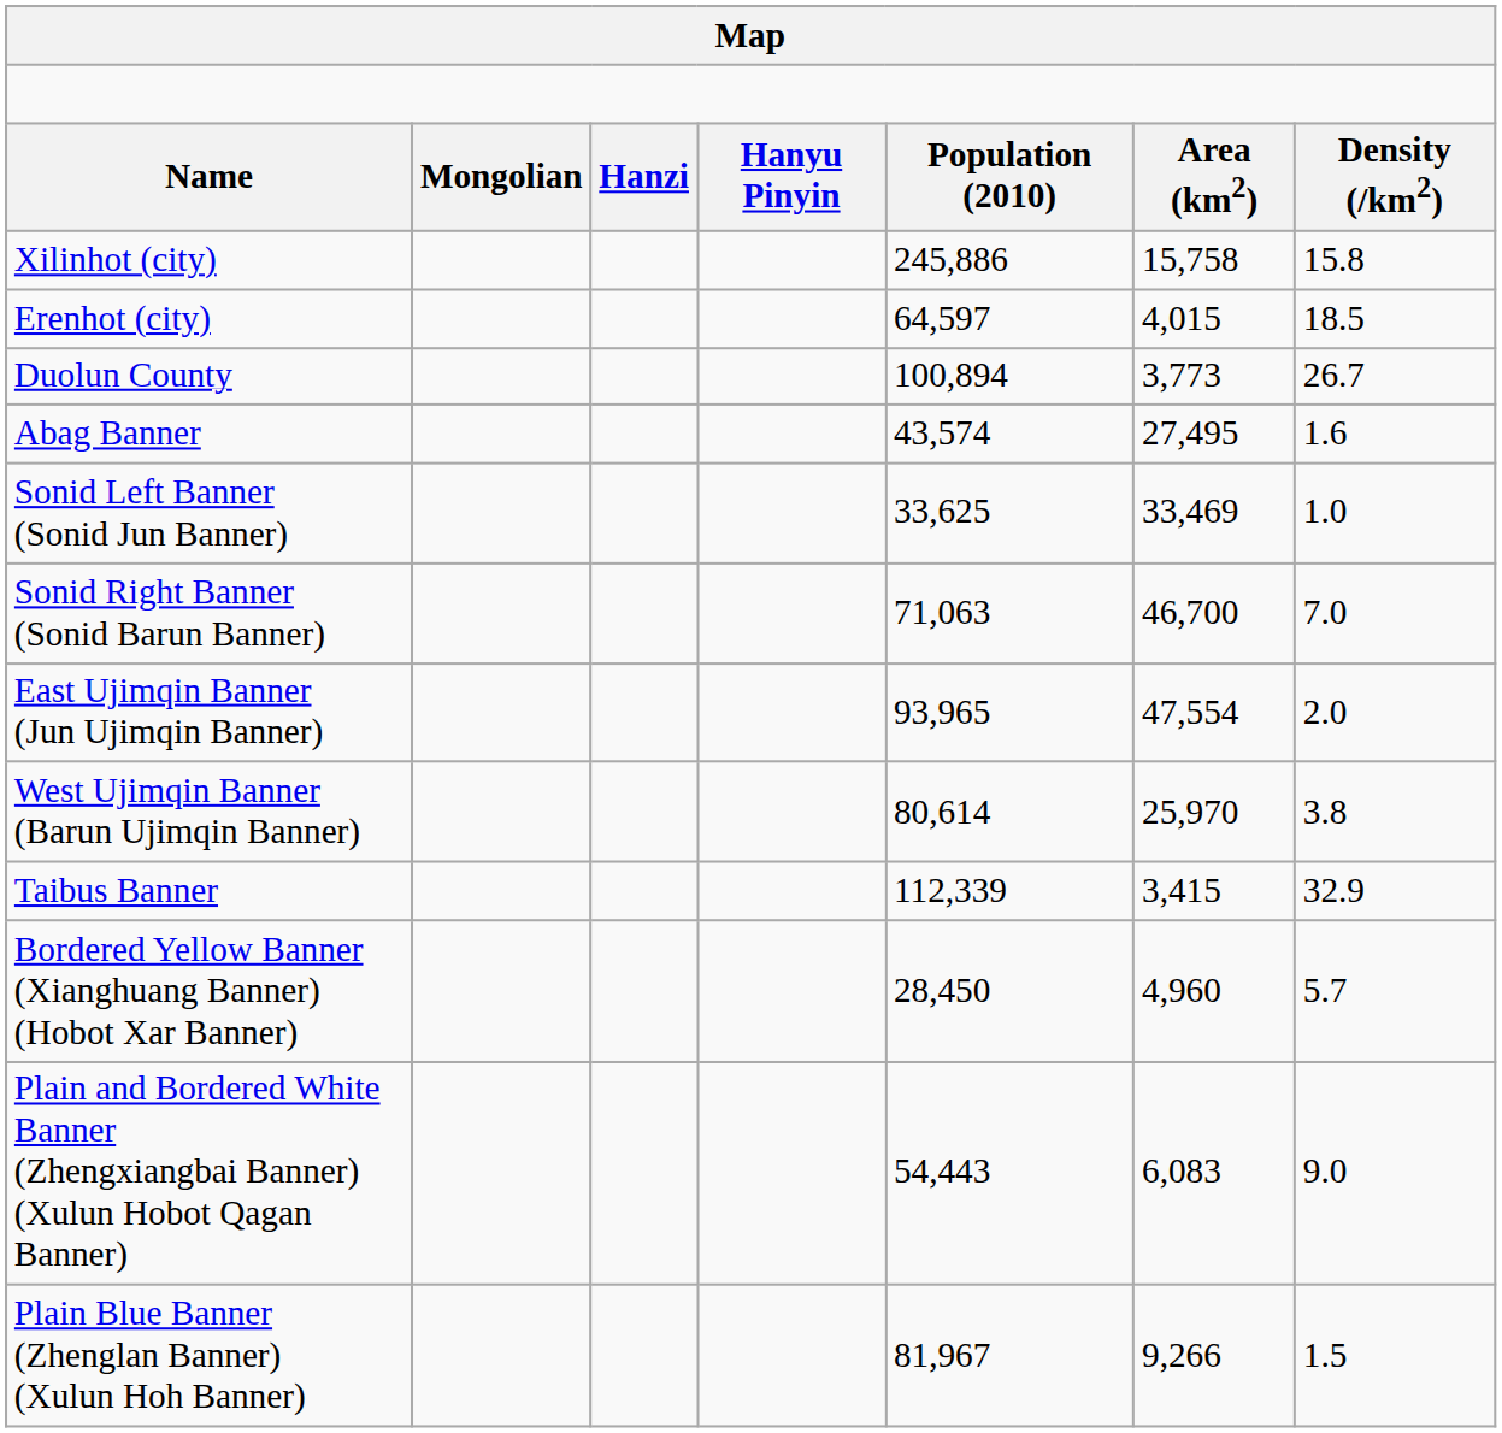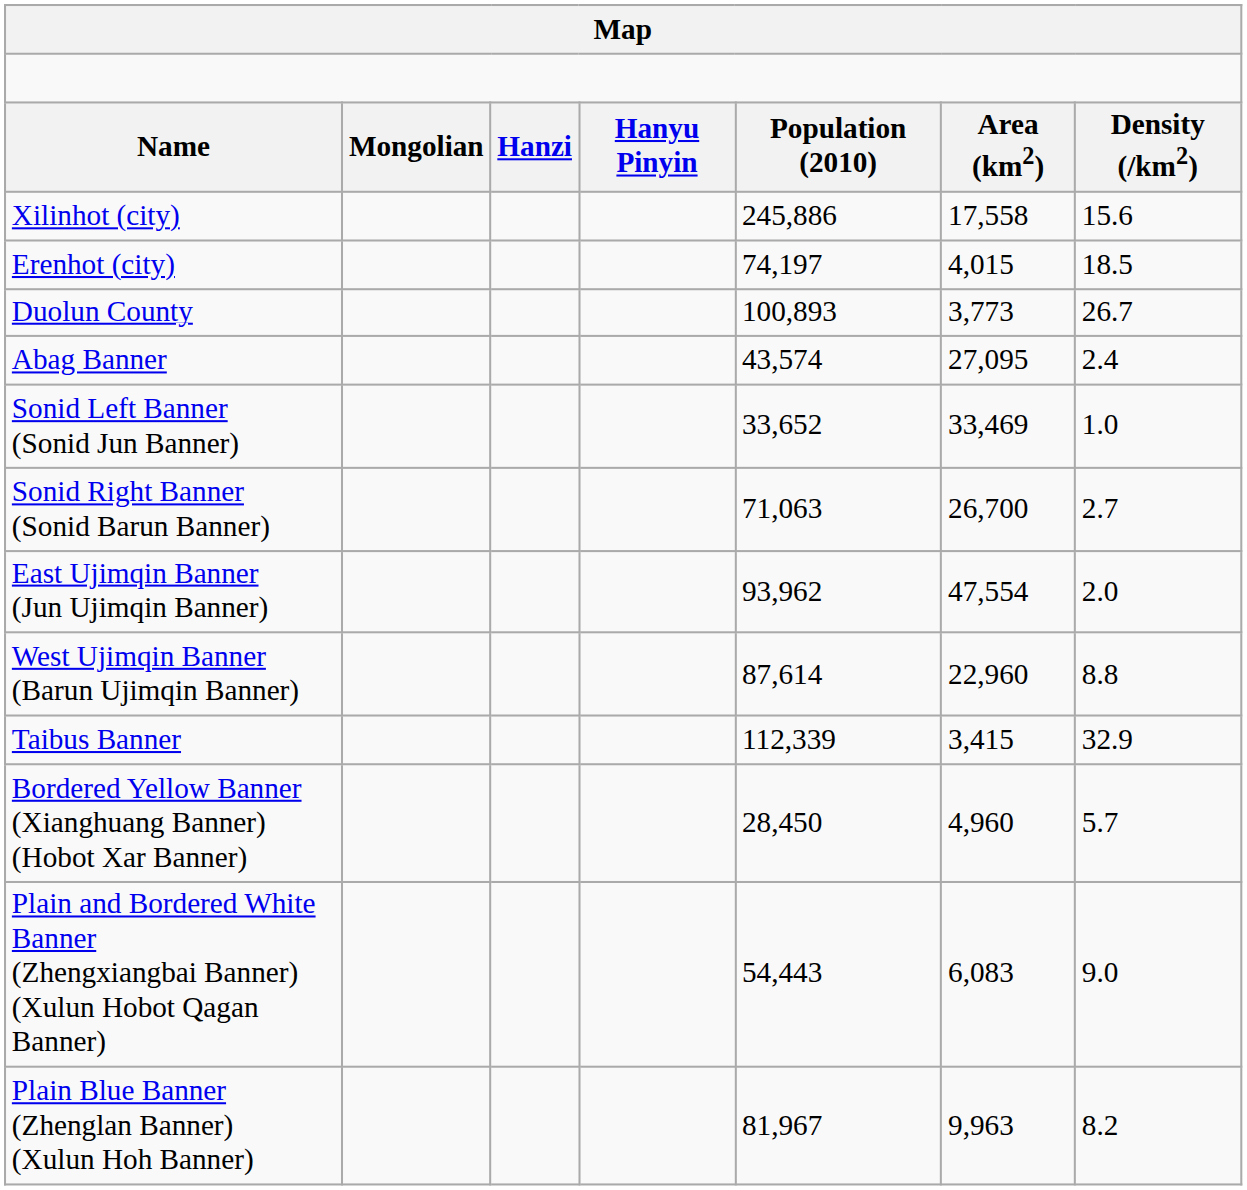 <table class="wikitable"  style="font-size:90%;" align=center>
 <tr>
 <th colspan="8" align="center">Map</th>
 </tr>
 <tr>
 <td colspan="8" align="center"><div><br>               </div></td>
 </tr>
 <tr>
 <th>Name</th>
 <th>Mongolian</th>
 <th><a href='#'>Hanzi</a></th>
 <th><a href='#'>Hanyu Pinyin</a></th>
 <th>Population (2010)</th>
 <th>Area (km<sup>2</sup>)</th>
 <th>Density (/km<sup>2</sup>)</th>
 </tr>
 <tr>
 <td><a href='#'>Xilinhot (city)</a></td>
 <td><br></td>
 <td></td>
 <td></td>
 <td>245,886</td>
-<td>15,758</td>
-<td>15.8</td>
+<td>17,558</td>
+<td>15.6</td>
 </tr>
 <tr>
 <td><a href='#'>Erenhot (city)</a></td>
 <td></td>
 <td></td>
 <td></td>
-<td>64,597</td>
+<td>74,197</td>
 <td>4,015</td>
 <td>18.5</td>
 </tr>
 <tr>
 <td><a href='#'>Duolun County</a></td>
 <td></td>
 <td></td>
 <td></td>
-<td>100,894</td>
+<td>100,893</td>
 <td>3,773</td>
 <td>26.7</td>
 </tr>
 <tr>
 <td><a href='#'>Abag Banner</a></td>
 <td></td>
 <td></td>
 <td></td>
 <td>43,574</td>
-<td>27,495</td>
-<td>1.6</td>
+<td>27,095</td>
+<td>2.4</td>
 </tr>
 <tr>
 <td><a href='#'>Sonid Left Banner</a><br>(Sonid Jun Banner)</td>
 <td></td>
 <td></td>
 <td></td>
-<td>33,625</td>
+<td>33,652</td>
 <td>33,469</td>
 <td>1.0</td>
 </tr>
 <tr>
 <td><a href='#'>Sonid Right Banner</a><br>(Sonid Barun Banner)</td>
 <td></td>
 <td></td>
 <td></td>
 <td>71,063</td>
-<td>46,700</td>
-<td>7.0</td>
+<td>26,700</td>
+<td>2.7</td>
 </tr>
 <tr>
 <td><a href='#'>East Ujimqin Banner</a><br>(Jun Ujimqin Banner)</td>
 <td></td>
 <td></td>
 <td></td>
-<td>93,965</td>
+<td>93,962</td>
 <td>47,554</td>
 <td>2.0</td>
 </tr>
 <tr>
 <td><a href='#'>West Ujimqin Banner</a><br>(Barun Ujimqin Banner)</td>
 <td></td>
 <td></td>
 <td></td>
-<td>80,614</td>
-<td>25,970</td>
-<td>3.8</td>
+<td>87,614</td>
+<td>22,960</td>
+<td>8.8</td>
 </tr>
 <tr>
 <td><a href='#'>Taibus Banner</a></td>
 <td></td>
 <td></td>
 <td></td>
 <td>112,339</td>
 <td>3,415</td>
 <td>32.9</td>
 </tr>
 <tr>
 <td><a href='#'>Bordered Yellow Banner</a><br>(Xianghuang Banner)<br>(Hobot Xar Banner)</td>
 <td></td>
 <td></td>
 <td></td>
 <td>28,450</td>
 <td>4,960</td>
 <td>5.7</td>
 </tr>
 <tr>
 <td><a href='#'>Plain and Bordered White Banner</a><br>(Zhengxiangbai Banner)<br>(Xulun Hobot Qagan Banner)</td>
 <td></td>
 <td></td>
 <td></td>
 <td>54,443</td>
 <td>6,083</td>
 <td>9.0</td>
 </tr>
 <tr>
 <td><a href='#'>Plain Blue Banner</a><br>(Zhenglan Banner)<br>(Xulun Hoh Banner)</td>
 <td></td>
 <td></td>
 <td></td>
 <td>81,967</td>
-<td>9,266</td>
-<td>1.5</td>
+<td>9,963</td>
+<td>8.2</td>
 </tr>
 </table>
